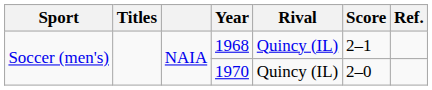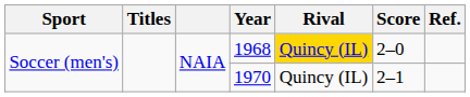 <table class="wikitable">
 <tr>
 <th width=px>Sport</th>
 <th width=px>Titles</th>
 <th width=px></th>
 <th width=px>Year</th>
 <th width=px>Rival</th>
 <th width=px>Score</th>
 <th width=px>Ref.</th>
 </tr>
 <tr>
 <td rowspan="2"><a href='#'>Soccer (men's)</a></td>
 <td rowspan="2"></td>
 <td rowspan="2"><a href='#'>NAIA</a></td>
 <td><a href='#'>1968</a></td>
-<td><a href='#'>Quincy (IL)</a></td>
-<td>2–1 </td>
+<td style="background: gold;"><a href='#'>Quincy (IL)</a></td>
+<td>2–0</td>
 <td></td>
 </tr>
 <tr>
 <td><a href='#'>1970</a></td>
 <td>Quincy (IL)</td>
-<td>2–0</td>
+<td>2–1 </td>
 <td></td>
 </tr>
 </table>
